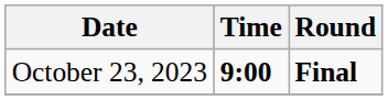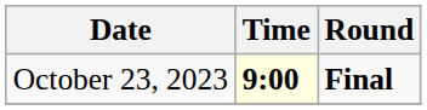 <table class="wikitable">
 <tr>
 <th>Date</th>
 <th>Time</th>
 <th>Round</th>
 </tr>
 <tr>
 <td>October 23, 2023</td>
-<td><strong>9:00</strong></td>
+<td style="background: lightyellow;"><strong>9:00</strong></td>
 <td><strong>Final</strong></td>
 </tr>
 <tr>
 </tr>
 </table>
